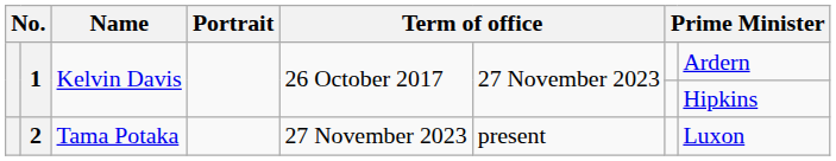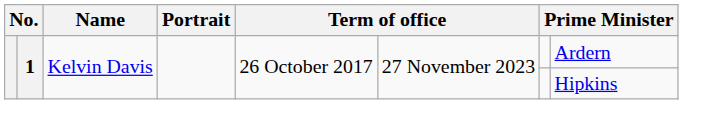 <table class="wikitable">
 <tr>
 <th colspan=2>No.</th>
 <th>Name</th>
 <th>Portrait</th>
 <th colspan=2>Term of office</th>
 <th colspan=2>Prime Minister</th>
 </tr>
 <tr>
 <th rowspan=2 style="color:inherit;background:"></th>
 <th rowspan=2>1</th>
 <td rowspan=2><a href='#'>Kelvin Davis</a></td>
 <td rowspan=2></td>
 <td rowspan=2>26 October 2017</td>
 <td rowspan=2>27 November 2023</td>
 <td width=1 style="color:inherit;background:"></td>
 <td><a href='#'>Ardern</a></td>
 </tr>
 <tr>
 <td width=1 style="color:inherit;background:"></td>
 <td><a href='#'>Hipkins</a></td>
 </tr>
-<tr>
-<th style="color:inherit;background:"></th>
-<th>2</th>
-<td><a href='#'>Tama Potaka</a></td>
-<td></td>
-<td>27 November 2023</td>
-<td>present</td>
-<td style="color:inherit;background:"></td>
-<td><a href='#'>Luxon</a></td>
-</tr>
 </table>
